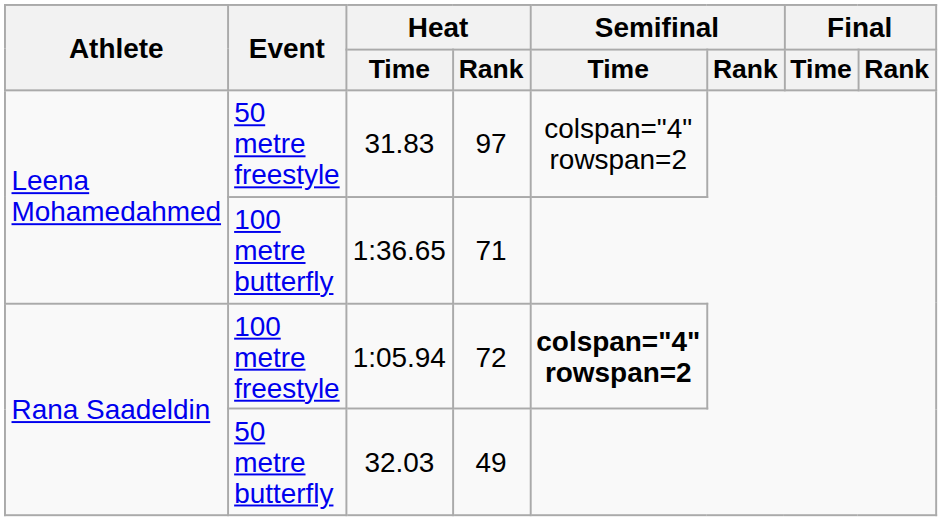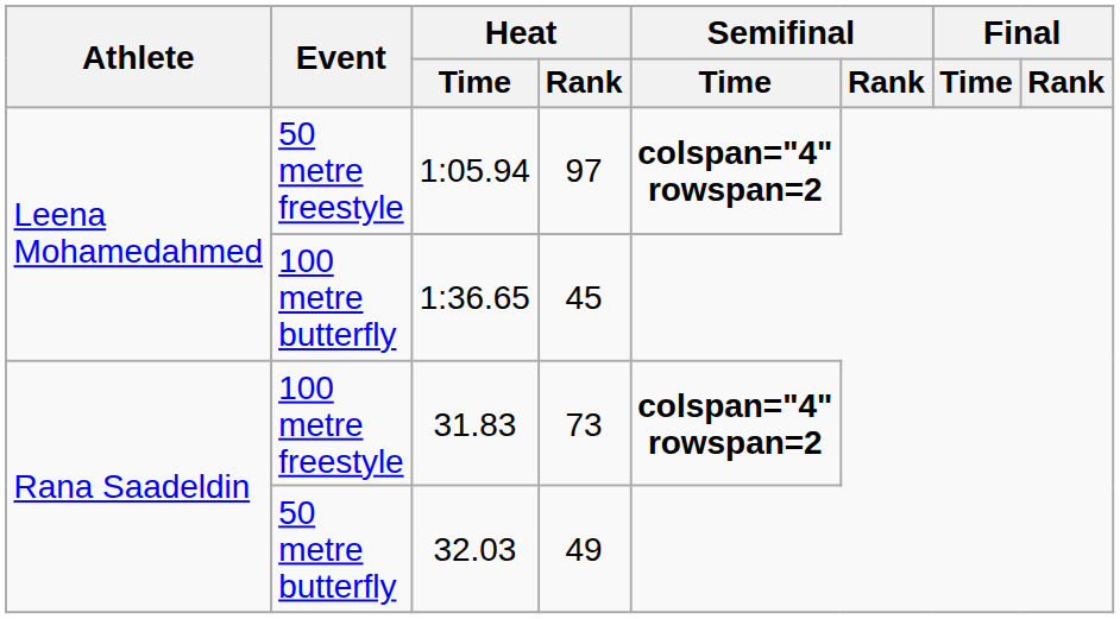 <table class="wikitable" style="text-align:center; font-size:90%; width:50%;">
 <tr>
 <th rowspan="2">Athlete</th>
 <th rowspan="2">Event</th>
 <th colspan="2">Heat</th>
 <th colspan="2">Semifinal</th>
 <th colspan="2">Final</th>
 </tr>
 <tr style="font-size:95%">
 <th>Time</th>
 <th>Rank</th>
 <th>Time</th>
 <th>Rank</th>
 <th>Time</th>
 <th>Rank</th>
 </tr>
 <tr>
 <td align=left rowspan=2><a href='#'>Leena Mohamedahmed</a></td>
 <td align=left><a href='#'>50 metre freestyle</a></td>
-<td>31.83</td>
+<td>1:05.94</td>
 <td>97</td>
-<td>colspan="4" rowspan=2</td>
+<td><strong>colspan="4" rowspan=2</strong></td>
 </tr>
 <tr>
 <td align=left><a href='#'>100 metre butterfly</a></td>
 <td>1:36.65</td>
-<td>71</td>
+<td>45</td>
 </tr>
 <tr>
 <td align=left rowspan=2><a href='#'>Rana Saadeldin</a></td>
 <td align=left><a href='#'>100 metre freestyle</a></td>
-<td>1:05.94</td>
-<td>72</td>
+<td>31.83</td>
+<td>73</td>
 <td><strong>colspan="4" rowspan=2 </strong></td>
 </tr>
 <tr>
 <td align=left><a href='#'>50 metre butterfly</a></td>
 <td>32.03</td>
 <td>49</td>
 </tr>
 </table>
